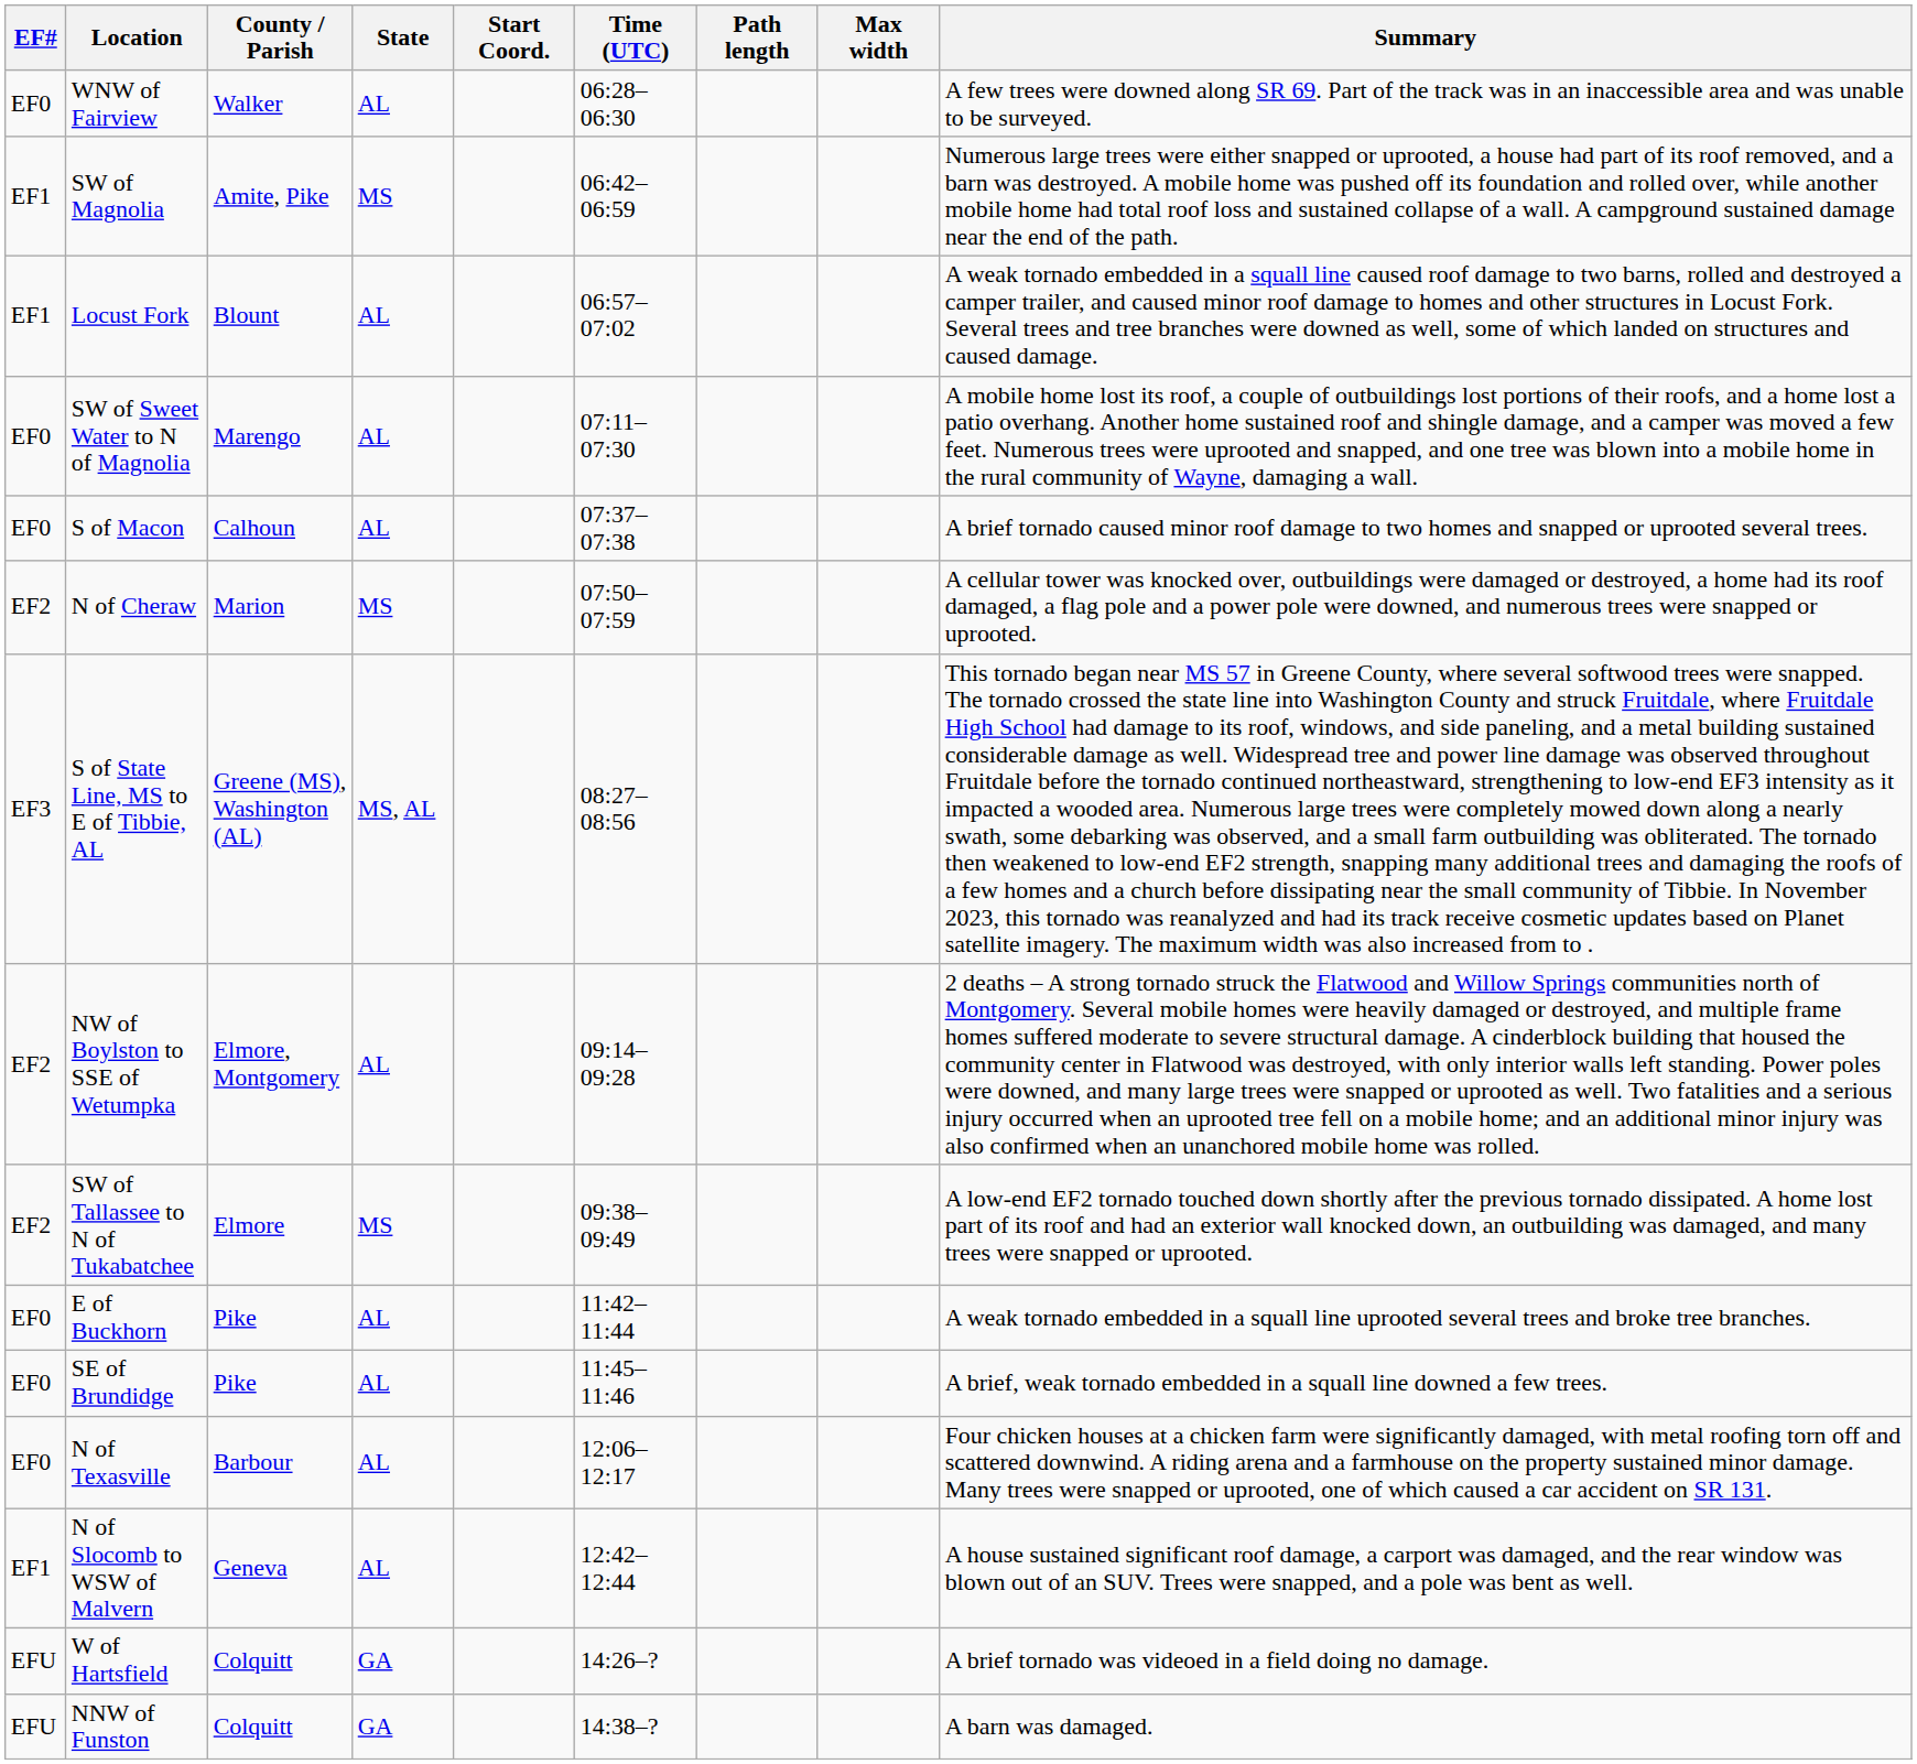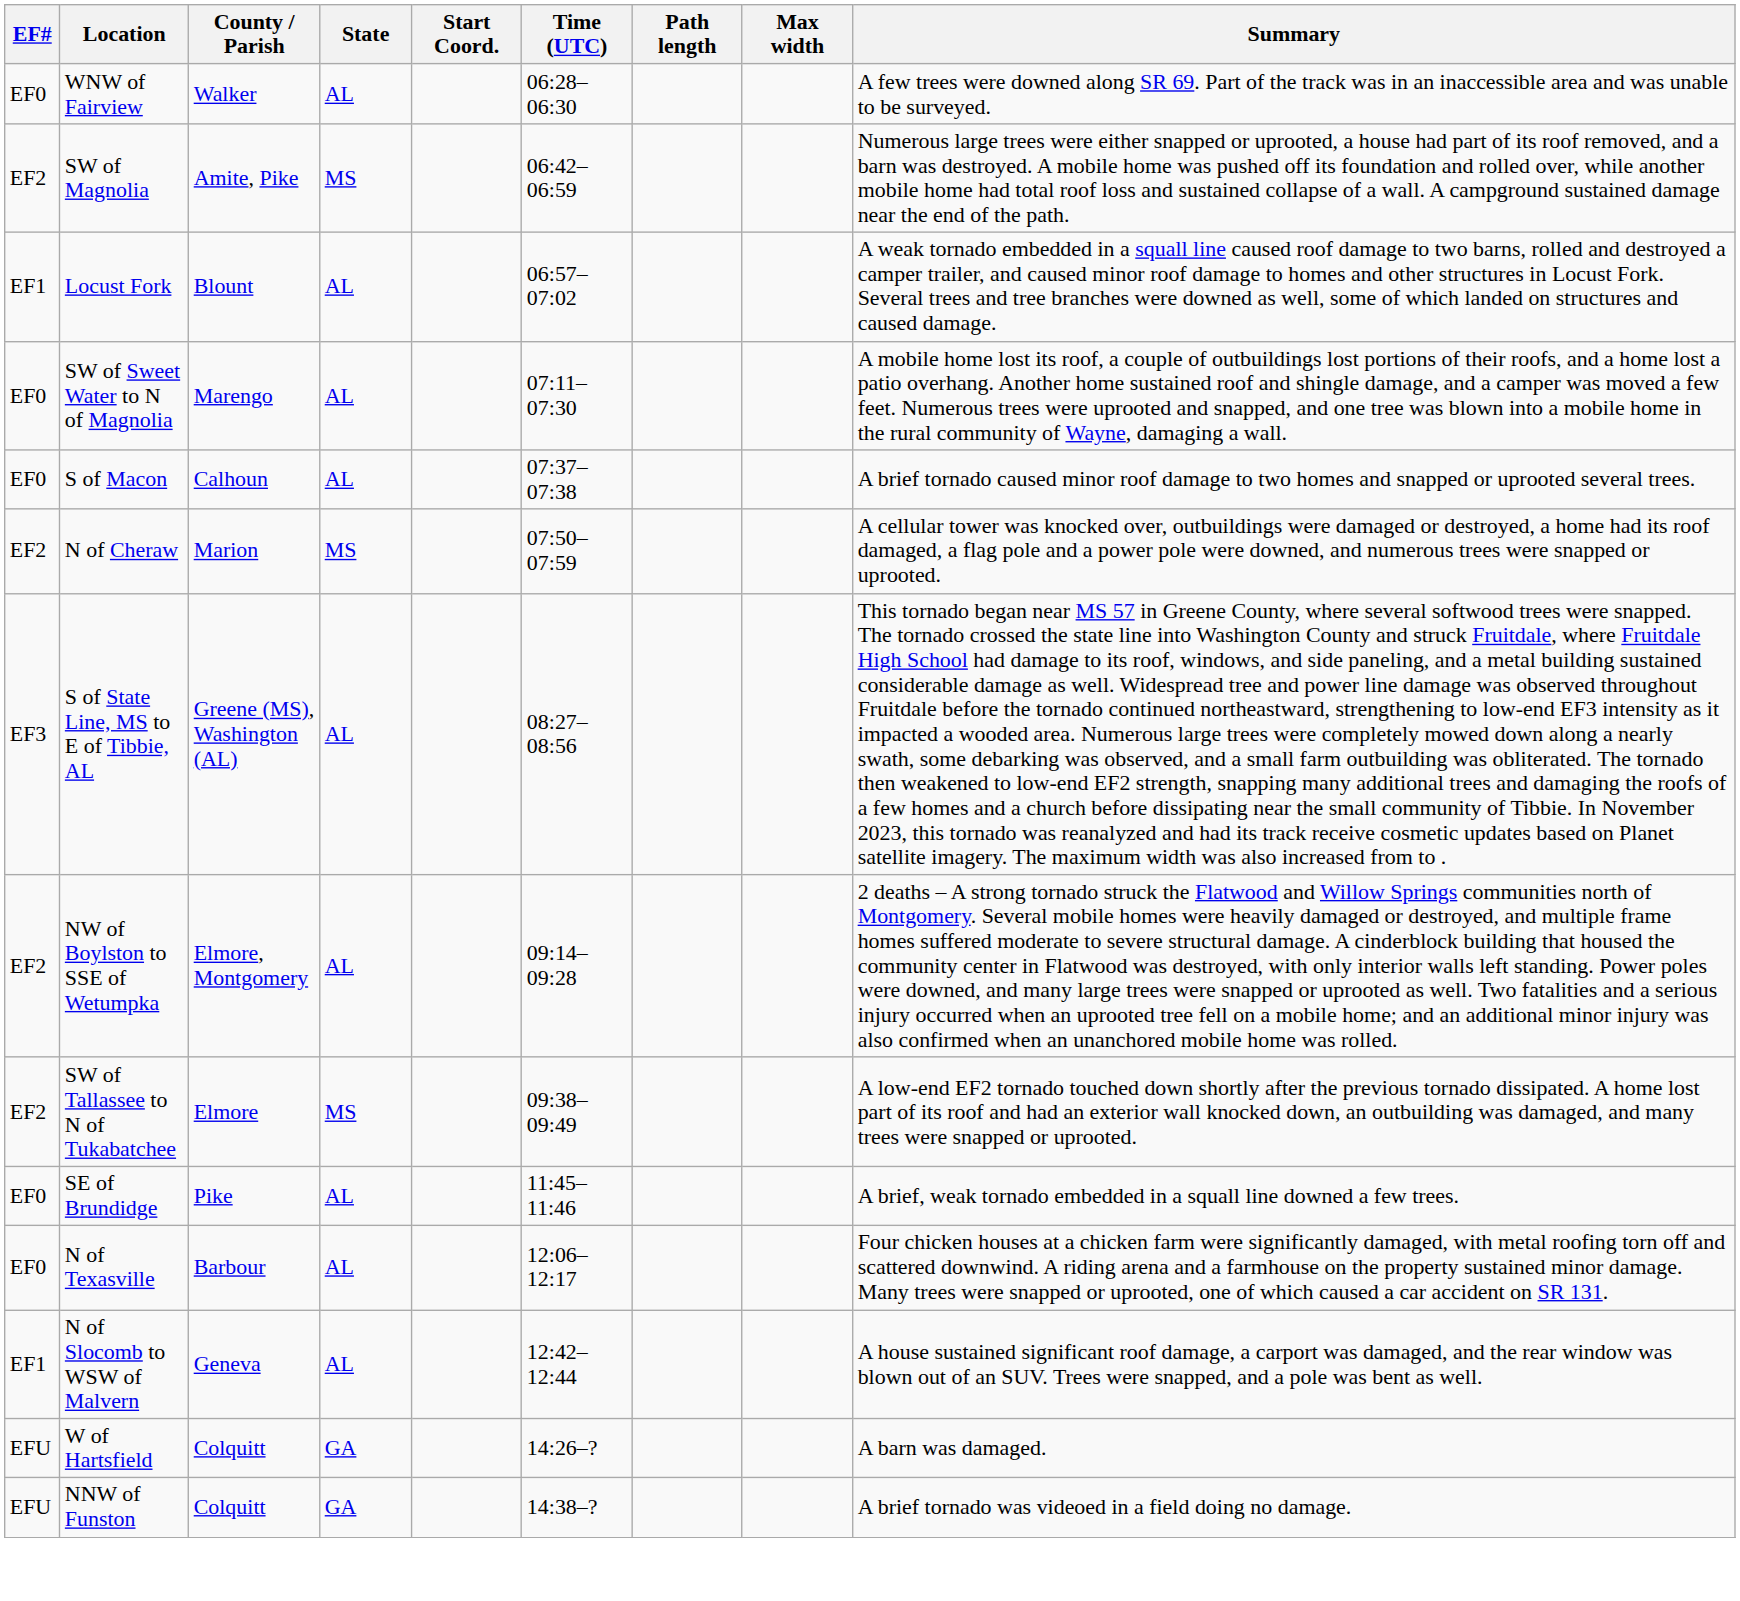 <table class="wikitable sortable" style="width:100%;">
 <tr>
 <th scope="col"  style="width:3%; text-align:center;"><a href='#'>EF#</a></th>
 <th scope="col"  style="width:7%; text-align:center;" class="unsortable">Location</th>
 <th scope="col"  style="width:6%; text-align:center;" class="unsortable">County / Parish</th>
 <th scope="col"  style="width:5%; text-align:center;">State</th>
 <th scope="col"  style="width:6%; text-align:center;">Start Coord.</th>
 <th scope="col"  style="width:6%; text-align:center;">Time (<a href='#'>UTC</a>)</th>
 <th scope="col"  style="width:6%; text-align:center;">Path length</th>
 <th scope="col"  style="width:6%; text-align:center;">Max width</th>
 <th scope="col" class="unsortable" style="width:48%; text-align:center;">Summary</th>
 </tr>
 <tr>
 <td>EF0</td>
 <td>WNW of <a href='#'>Fairview</a></td>
 <td><a href='#'>Walker</a></td>
 <td><a href='#'>AL</a></td>
 <td></td>
 <td>06:28–06:30</td>
 <td></td>
 <td></td>
 <td>A few trees were downed along <a href='#'>SR 69</a>. Part of the track was in an inaccessible area and was unable to be surveyed.</td>
 </tr>
 <tr>
-<td>EF1</td>
+<td>EF2</td>
 <td>SW of <a href='#'>Magnolia</a></td>
 <td><a href='#'>Amite</a>, <a href='#'>Pike</a></td>
 <td><a href='#'>MS</a></td>
 <td></td>
 <td>06:42–06:59</td>
 <td></td>
 <td></td>
 <td>Numerous large trees were either snapped or uprooted, a house had part of its roof removed, and a barn was destroyed. A mobile home was pushed off its foundation and rolled over, while another mobile home had total roof loss and sustained collapse of a wall. A campground sustained damage near the end of the path.</td>
 </tr>
 <tr>
 <td>EF1</td>
 <td><a href='#'>Locust Fork</a></td>
 <td><a href='#'>Blount</a></td>
 <td><a href='#'>AL</a></td>
 <td></td>
 <td>06:57–07:02</td>
 <td></td>
 <td></td>
 <td>A weak tornado embedded in a <a href='#'>squall line</a> caused roof damage to two barns, rolled and destroyed a camper trailer, and caused minor roof damage to homes and other structures in Locust Fork. Several trees and tree branches were downed as well, some of which landed on structures and caused damage.</td>
 </tr>
 <tr>
 <td>EF0</td>
 <td>SW of <a href='#'>Sweet Water</a> to N of <a href='#'>Magnolia</a></td>
 <td><a href='#'>Marengo</a></td>
 <td><a href='#'>AL</a></td>
 <td></td>
 <td>07:11–07:30</td>
 <td></td>
 <td></td>
 <td>A mobile home lost its roof, a couple of outbuildings lost portions of their roofs, and a home lost a patio overhang. Another home sustained roof and shingle damage, and a camper was moved a few feet. Numerous trees were uprooted and snapped, and one tree was blown into a mobile home in the rural community of <a href='#'>Wayne</a>, damaging a wall.</td>
 </tr>
 <tr>
 <td>EF0</td>
 <td>S of <a href='#'>Macon</a></td>
 <td><a href='#'>Calhoun</a></td>
 <td><a href='#'>AL</a></td>
 <td></td>
 <td>07:37–07:38</td>
 <td></td>
 <td></td>
 <td>A brief tornado caused minor roof damage to two homes and snapped or uprooted several trees.</td>
 </tr>
 <tr>
 <td>EF2</td>
 <td>N of <a href='#'>Cheraw</a></td>
 <td><a href='#'>Marion</a></td>
 <td><a href='#'>MS</a></td>
 <td></td>
 <td>07:50–07:59</td>
 <td></td>
 <td></td>
 <td>A cellular tower was knocked over, outbuildings were damaged or destroyed, a home had its roof damaged, a flag pole and a power pole were downed, and numerous trees were snapped or uprooted.</td>
 </tr>
 <tr>
 <td>EF3</td>
 <td>S of <a href='#'>State Line, MS</a> to E of <a href='#'>Tibbie, AL</a></td>
 <td><a href='#'>Greene (MS)</a>, <a href='#'>Washington (AL)</a></td>
-<td><a href='#'>MS</a>, <a href='#'>AL</a></td>
+<td><a href='#'>AL</a></td>
 <td></td>
 <td>08:27–08:56</td>
 <td></td>
 <td></td>
 <td>This tornado began near <a href='#'>MS 57</a> in Greene County, where several softwood trees were snapped. The tornado crossed the state line into Washington County and struck <a href='#'>Fruitdale</a>, where <a href='#'>Fruitdale High School</a> had damage to its roof, windows, and side paneling, and a metal building sustained considerable damage as well. Widespread tree and power line damage was observed throughout Fruitdale before the tornado continued northeastward, strengthening to low-end EF3 intensity as it impacted a wooded area. Numerous large trees were completely mowed down along a nearly  swath, some debarking was observed, and a small farm outbuilding was obliterated. The tornado then weakened to low-end EF2 strength, snapping many additional trees and damaging the roofs of a few homes and a church before dissipating near the small community of Tibbie. In November 2023, this tornado was reanalyzed and had its track receive cosmetic updates based on Planet satellite imagery. The maximum width was also increased from  to .</td>
 </tr>
 <tr>
 <td>EF2</td>
 <td>NW of <a href='#'>Boylston</a> to SSE of <a href='#'>Wetumpka</a></td>
 <td><a href='#'>Elmore</a>, <a href='#'>Montgomery</a></td>
 <td><a href='#'>AL</a></td>
 <td></td>
 <td>09:14–09:28</td>
 <td></td>
 <td></td>
 <td>2 deaths – A strong tornado struck the <a href='#'>Flatwood</a> and <a href='#'>Willow Springs</a> communities north of <a href='#'>Montgomery</a>. Several mobile homes were heavily damaged or destroyed, and multiple frame homes suffered moderate to severe structural damage. A cinderblock building that housed the community center in Flatwood was destroyed, with only interior walls left standing. Power poles were downed, and many large trees were snapped or uprooted as well. Two fatalities and a serious injury occurred when an uprooted tree fell on a mobile home; and an additional minor injury was also confirmed when an unanchored mobile home was rolled.</td>
 </tr>
 <tr>
 <td>EF2</td>
 <td>SW of <a href='#'>Tallassee</a> to N of <a href='#'>Tukabatchee</a></td>
 <td><a href='#'>Elmore</a></td>
 <td><a href='#'>MS</a></td>
 <td></td>
 <td>09:38–09:49</td>
 <td></td>
 <td></td>
 <td>A low-end EF2 tornado touched down shortly after the previous tornado dissipated. A home lost part of its roof and had an exterior wall knocked down, an outbuilding was damaged, and many trees were snapped or uprooted.</td>
-</tr>
-<tr>
-<td>EF0</td>
-<td>E of <a href='#'>Buckhorn</a></td>
-<td><a href='#'>Pike</a></td>
-<td><a href='#'>AL</a></td>
-<td></td>
-<td>11:42–11:44</td>
-<td></td>
-<td></td>
-<td>A weak tornado embedded in a squall line uprooted several trees and broke tree branches.</td>
 </tr>
 <tr>
 <td>EF0</td>
 <td>SE of <a href='#'>Brundidge</a></td>
 <td><a href='#'>Pike</a></td>
 <td><a href='#'>AL</a></td>
 <td></td>
 <td>11:45–11:46</td>
 <td></td>
 <td></td>
 <td>A brief, weak tornado embedded in a squall line downed a few trees.</td>
 </tr>
 <tr>
 <td>EF0</td>
 <td>N of <a href='#'>Texasville</a></td>
 <td><a href='#'>Barbour</a></td>
 <td><a href='#'>AL</a></td>
 <td></td>
 <td>12:06–12:17</td>
 <td></td>
 <td></td>
 <td>Four chicken houses at a chicken farm were significantly damaged, with metal roofing torn off and scattered downwind. A riding arena and a farmhouse on the property sustained minor damage. Many trees were snapped or uprooted, one of which caused a car accident on <a href='#'>SR 131</a>.</td>
 </tr>
 <tr>
 <td>EF1</td>
 <td>N of <a href='#'>Slocomb</a> to WSW of <a href='#'>Malvern</a></td>
 <td><a href='#'>Geneva</a></td>
 <td><a href='#'>AL</a></td>
 <td></td>
 <td>12:42–12:44</td>
 <td></td>
 <td></td>
 <td>A house sustained significant roof damage, a carport was damaged, and the rear window was blown out of an SUV. Trees were snapped, and a pole was bent as well.</td>
 </tr>
 <tr>
 <td>EFU</td>
 <td>W of <a href='#'>Hartsfield</a></td>
 <td><a href='#'>Colquitt</a></td>
 <td><a href='#'>GA</a></td>
 <td></td>
 <td>14:26–?</td>
 <td></td>
 <td></td>
-<td>A brief tornado was videoed in a field doing no damage.</td>
+<td>A barn was damaged.</td>
 </tr>
 <tr>
 <td>EFU</td>
 <td>NNW of <a href='#'>Funston</a></td>
 <td><a href='#'>Colquitt</a></td>
 <td><a href='#'>GA</a></td>
 <td></td>
 <td>14:38–?</td>
 <td></td>
 <td></td>
-<td>A barn was damaged.</td>
+<td>A brief tornado was videoed in a field doing no damage.</td>
 </tr>
 <tr>
 </tr>
 </table>
